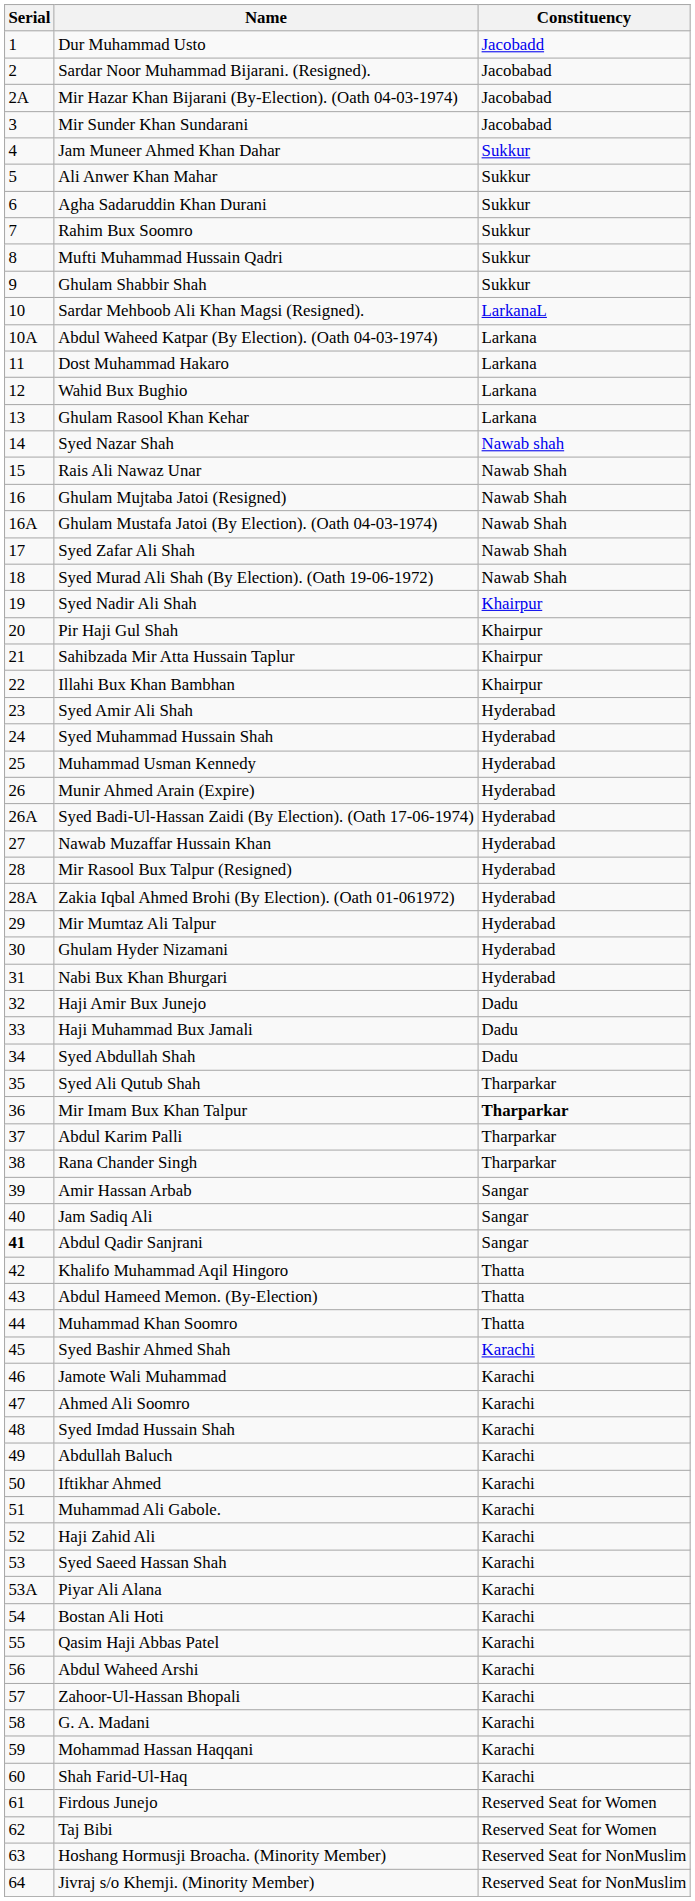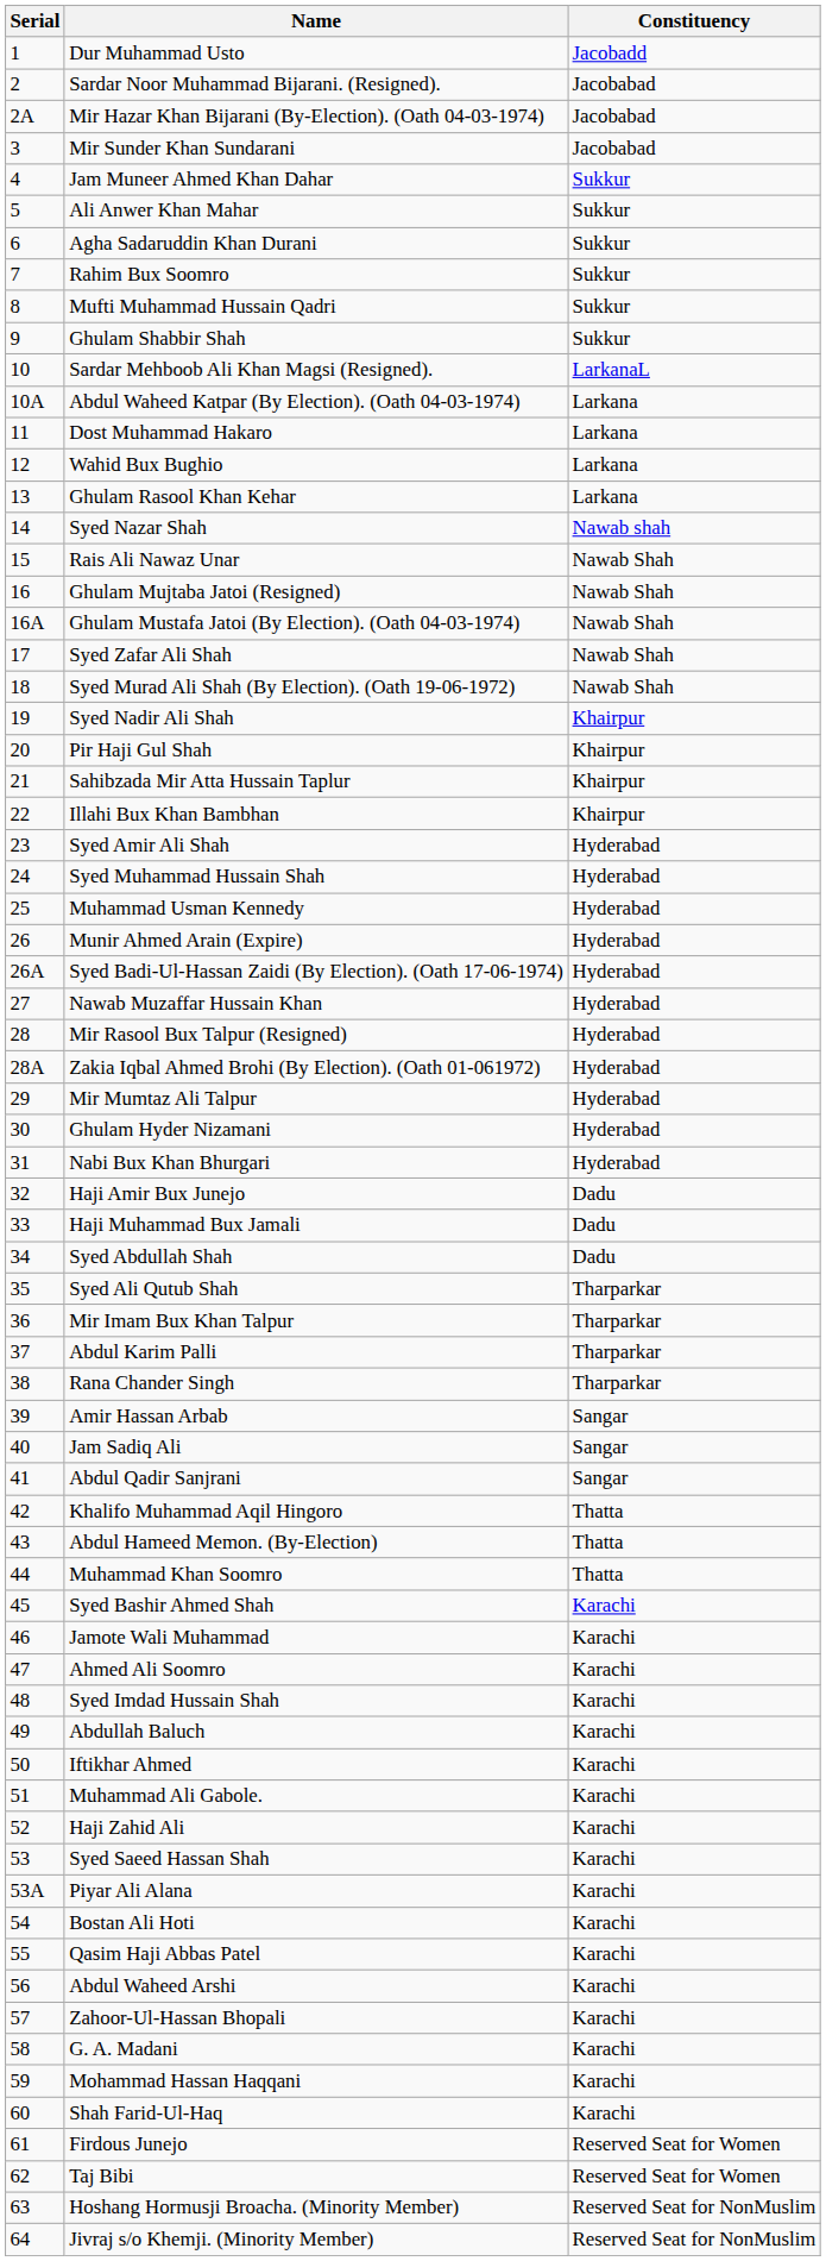 <table class="wikitable">
 <tr>
 <th>Serial</th>
 <th>Name</th>
 <th>Constituency</th>
 </tr>
 <tr>
 <td>1</td>
 <td>Dur Muhammad Usto</td>
 <td><a href='#'>Jacobadd</a></td>
 </tr>
 <tr>
 <td>2</td>
 <td>Sardar Noor Muhammad Bijarani. (Resigned).</td>
 <td>Jacobabad</td>
 </tr>
 <tr>
 <td>2A</td>
 <td>Mir Hazar Khan Bijarani (By-Election). (Oath 04-03-1974)</td>
 <td>Jacobabad</td>
 </tr>
 <tr>
 <td>3</td>
 <td>Mir Sunder Khan Sundarani</td>
 <td>Jacobabad</td>
 </tr>
 <tr>
 <td>4</td>
 <td>Jam Muneer Ahmed Khan Dahar</td>
 <td><a href='#'>Sukkur</a></td>
 </tr>
 <tr>
 <td>5</td>
 <td>Ali Anwer Khan Mahar</td>
 <td>Sukkur</td>
 </tr>
 <tr>
 <td>6</td>
 <td>Agha Sadaruddin Khan Durani</td>
 <td>Sukkur</td>
 </tr>
 <tr>
 <td>7</td>
 <td>Rahim Bux Soomro</td>
 <td>Sukkur</td>
 </tr>
 <tr>
 <td>8</td>
 <td>Mufti Muhammad Hussain Qadri</td>
 <td>Sukkur</td>
 </tr>
 <tr>
 <td>9</td>
 <td>Ghulam Shabbir Shah</td>
 <td>Sukkur</td>
 </tr>
 <tr>
 <td>10</td>
 <td>Sardar Mehboob Ali Khan Magsi (Resigned).</td>
 <td><a href='#'>LarkanaL</a></td>
 </tr>
 <tr>
 <td>10A</td>
 <td>Abdul Waheed Katpar (By Election). (Oath 04-03-1974)</td>
 <td>Larkana</td>
 </tr>
 <tr>
 <td>11</td>
 <td>Dost Muhammad Hakaro</td>
 <td>Larkana</td>
 </tr>
 <tr>
 <td>12</td>
 <td>Wahid Bux Bughio</td>
 <td>Larkana</td>
 </tr>
 <tr>
 <td>13</td>
 <td>Ghulam Rasool Khan Kehar</td>
 <td>Larkana</td>
 </tr>
 <tr>
 <td>14</td>
 <td>Syed Nazar Shah</td>
 <td><a href='#'>Nawab shah</a></td>
 </tr>
 <tr>
 <td>15</td>
 <td>Rais Ali Nawaz Unar</td>
 <td>Nawab Shah</td>
 </tr>
 <tr>
 <td>16</td>
 <td>Ghulam Mujtaba Jatoi (Resigned)</td>
 <td>Nawab Shah</td>
 </tr>
 <tr>
 <td>16A</td>
 <td>Ghulam Mustafa Jatoi (By Election). (Oath 04-03-1974)</td>
 <td>Nawab Shah</td>
 </tr>
 <tr>
 <td>17</td>
 <td>Syed Zafar Ali Shah</td>
 <td>Nawab Shah</td>
 </tr>
 <tr>
 <td>18</td>
 <td>Syed Murad Ali Shah (By Election). (Oath 19-06-1972)</td>
 <td>Nawab Shah</td>
 </tr>
 <tr>
 <td>19</td>
 <td>Syed Nadir Ali Shah</td>
 <td><a href='#'>Khairpur</a></td>
 </tr>
 <tr>
 <td>20</td>
 <td>Pir Haji Gul Shah</td>
 <td>Khairpur</td>
 </tr>
 <tr>
 <td>21</td>
 <td>Sahibzada Mir Atta Hussain Taplur</td>
 <td>Khairpur</td>
 </tr>
 <tr>
 <td>22</td>
 <td>Illahi Bux Khan Bambhan</td>
 <td>Khairpur</td>
 </tr>
 <tr>
 <td>23</td>
 <td>Syed Amir Ali Shah</td>
 <td>Hyderabad</td>
 </tr>
 <tr>
 <td>24</td>
 <td>Syed Muhammad Hussain Shah</td>
 <td>Hyderabad</td>
 </tr>
 <tr>
 <td>25</td>
 <td>Muhammad Usman Kennedy</td>
 <td>Hyderabad</td>
 </tr>
 <tr>
 <td>26</td>
 <td>Munir Ahmed Arain (Expire)</td>
 <td>Hyderabad</td>
 </tr>
 <tr>
 <td>26A</td>
 <td>Syed Badi-Ul-Hassan Zaidi (By Election). (Oath 17-06-1974)</td>
 <td>Hyderabad</td>
 </tr>
 <tr>
 <td>27</td>
 <td>Nawab Muzaffar Hussain Khan</td>
 <td>Hyderabad</td>
 </tr>
 <tr>
 <td>28</td>
 <td>Mir Rasool Bux Talpur (Resigned)</td>
 <td>Hyderabad</td>
 </tr>
 <tr>
 <td>28A</td>
 <td>Zakia Iqbal Ahmed Brohi (By Election). (Oath 01-061972)</td>
 <td>Hyderabad</td>
 </tr>
 <tr>
 <td>29</td>
 <td>Mir Mumtaz Ali Talpur</td>
 <td>Hyderabad</td>
 </tr>
 <tr>
 <td>30</td>
 <td>Ghulam Hyder Nizamani</td>
 <td>Hyderabad</td>
 </tr>
 <tr>
 <td>31</td>
 <td>Nabi Bux Khan Bhurgari</td>
 <td>Hyderabad</td>
 </tr>
 <tr>
 <td>32</td>
 <td>Haji Amir Bux Junejo</td>
 <td>Dadu</td>
 </tr>
 <tr>
 <td>33</td>
 <td>Haji Muhammad Bux Jamali</td>
 <td>Dadu</td>
 </tr>
 <tr>
 <td>34</td>
 <td>Syed Abdullah Shah</td>
 <td>Dadu</td>
 </tr>
 <tr>
 <td>35</td>
 <td>Syed Ali Qutub Shah</td>
 <td>Tharparkar</td>
 </tr>
 <tr>
 <td>36</td>
 <td>Mir Imam Bux Khan Talpur</td>
-<td><strong>Tharparkar</strong></td>
+<td>Tharparkar</td>
 </tr>
 <tr>
 <td>37</td>
 <td>Abdul Karim Palli</td>
 <td>Tharparkar</td>
 </tr>
 <tr>
 <td>38</td>
 <td>Rana Chander Singh</td>
 <td>Tharparkar</td>
 </tr>
 <tr>
 <td>39</td>
 <td>Amir Hassan Arbab</td>
 <td>Sangar</td>
 </tr>
 <tr>
 <td>40</td>
 <td>Jam Sadiq Ali</td>
 <td>Sangar</td>
 </tr>
 <tr>
-<td><strong>41</strong></td>
+<td>41</td>
 <td>Abdul Qadir Sanjrani</td>
 <td>Sangar</td>
 </tr>
 <tr>
 <td>42</td>
 <td>Khalifo Muhammad Aqil Hingoro</td>
 <td>Thatta</td>
 </tr>
 <tr>
 <td>43</td>
 <td>Abdul Hameed Memon. (By-Election)</td>
 <td>Thatta</td>
 </tr>
 <tr>
 <td>44</td>
 <td>Muhammad Khan Soomro</td>
 <td>Thatta</td>
 </tr>
 <tr>
 <td>45</td>
 <td>Syed Bashir Ahmed Shah</td>
 <td><a href='#'>Karachi</a></td>
 </tr>
 <tr>
 <td>46</td>
 <td>Jamote Wali Muhammad</td>
 <td>Karachi</td>
 </tr>
 <tr>
 <td>47</td>
 <td>Ahmed Ali Soomro</td>
 <td>Karachi</td>
 </tr>
 <tr>
 <td>48</td>
 <td>Syed Imdad Hussain Shah</td>
 <td>Karachi</td>
 </tr>
 <tr>
 <td>49</td>
 <td>Abdullah Baluch</td>
 <td>Karachi</td>
 </tr>
 <tr>
 <td>50</td>
 <td>Iftikhar Ahmed</td>
 <td>Karachi</td>
 </tr>
 <tr>
 <td>51</td>
 <td>Muhammad Ali Gabole.</td>
 <td>Karachi</td>
 </tr>
 <tr>
 <td>52</td>
 <td>Haji Zahid Ali</td>
 <td>Karachi</td>
 </tr>
 <tr>
 <td>53</td>
 <td>Syed Saeed Hassan Shah</td>
 <td>Karachi</td>
 </tr>
 <tr>
 <td>53A</td>
 <td>Piyar Ali Alana</td>
 <td>Karachi</td>
 </tr>
 <tr>
 <td>54</td>
 <td>Bostan Ali Hoti</td>
 <td>Karachi</td>
 </tr>
 <tr>
 <td>55</td>
 <td>Qasim Haji Abbas Patel</td>
 <td>Karachi</td>
 </tr>
 <tr>
 <td>56</td>
 <td>Abdul Waheed Arshi</td>
 <td>Karachi</td>
 </tr>
 <tr>
 <td>57</td>
 <td>Zahoor-Ul-Hassan Bhopali</td>
 <td>Karachi</td>
 </tr>
 <tr>
 <td>58</td>
 <td>G. A. Madani</td>
 <td>Karachi</td>
 </tr>
 <tr>
 <td>59</td>
 <td>Mohammad Hassan Haqqani</td>
 <td>Karachi</td>
 </tr>
 <tr>
 <td>60</td>
 <td>Shah Farid-Ul-Haq</td>
 <td>Karachi</td>
 </tr>
 <tr>
 <td>61</td>
 <td>Firdous Junejo</td>
 <td>Reserved Seat for Women</td>
 </tr>
 <tr>
 <td>62</td>
 <td>Taj Bibi</td>
 <td>Reserved Seat for Women</td>
 </tr>
 <tr>
 <td>63</td>
 <td>Hoshang Hormusji Broacha. (Minority Member)</td>
 <td>Reserved Seat for NonMuslim</td>
 </tr>
 <tr>
 <td>64</td>
 <td>Jivraj s/o Khemji. (Minority Member)</td>
 <td>Reserved Seat for NonMuslim</td>
 </tr>
 </table>
